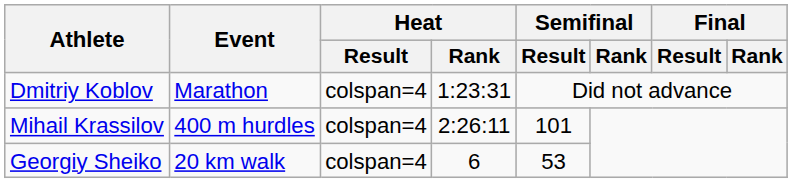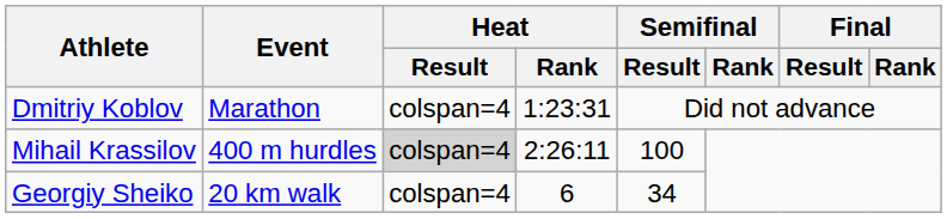 <table class="wikitable" style="font-size:90%">
 <tr>
 <th rowspan="2">Athlete</th>
 <th rowspan="2">Event</th>
 <th colspan="2">Heat</th>
 <th colspan="2">Semifinal</th>
 <th colspan="2">Final</th>
 </tr>
 <tr style="font-size:95%">
 <th>Result</th>
 <th>Rank</th>
 <th>Result</th>
 <th>Rank</th>
 <th>Result</th>
 <th>Rank</th>
 </tr>
 <tr align=center>
 <td align=left><a href='#'>Dmitriy Koblov</a></td>
 <td align=left><a href='#'>Marathon</a></td>
 <td>colspan=4 </td>
 <td>1:23:31</td>
 <td colspan=4>Did not advance</td>
 </tr>
 <tr align=center>
 <td align=left><a href='#'>Mihail Krassilov</a></td>
 <td align=left><a href='#'>400 m hurdles</a></td>
-<td>colspan=4 </td>
+<td style="background: lightgrey;">colspan=4 </td>
 <td>2:26:11</td>
-<td>101</td>
+<td>100</td>
 </tr>
 <tr align=center>
 <td align=left><a href='#'>Georgiy Sheiko</a></td>
 <td align=left><a href='#'>20 km walk</a></td>
 <td>colspan=4 </td>
 <td>6</td>
-<td>53</td>
+<td>34</td>
 </tr>
 </table>
